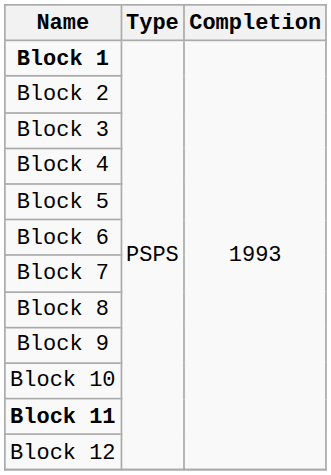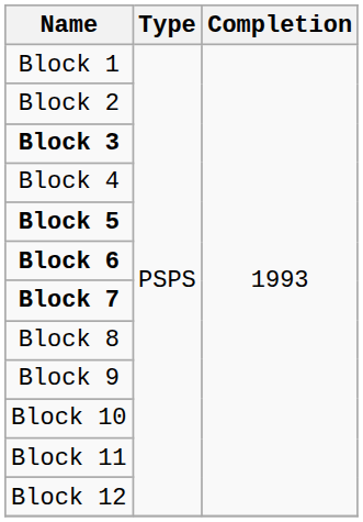 <table class="wikitable" style="text-align: center">
 <tr>
 <th>Name</th>
 <th>Type</th>
 <th>Completion</th>
 </tr>
 <tr>
-<td><strong>Block 1</strong></td>
+<td>Block 1</td>
 <td rowspan="12">PSPS</td>
 <td rowspan="12">1993</td>
 </tr>
 <tr>
 <td>Block 2</td>
 </tr>
 <tr>
-<td>Block 3</td>
+<td><strong>Block 3</strong></td>
 </tr>
 <tr>
 <td>Block 4</td>
 </tr>
 <tr>
-<td>Block 5</td>
+<td><strong>Block 5</strong></td>
 </tr>
 <tr>
-<td>Block 6</td>
+<td><strong>Block 6</strong></td>
 </tr>
 <tr>
-<td>Block 7</td>
+<td><strong>Block 7</strong></td>
 </tr>
 <tr>
 <td>Block 8</td>
 </tr>
 <tr>
 <td>Block 9</td>
 </tr>
 <tr>
 <td>Block 10</td>
 </tr>
 <tr>
-<td><strong>Block 11</strong></td>
+<td>Block 11</td>
 </tr>
 <tr>
 <td>Block 12</td>
 </tr>
 <tr>
 </tr>
 </table>
